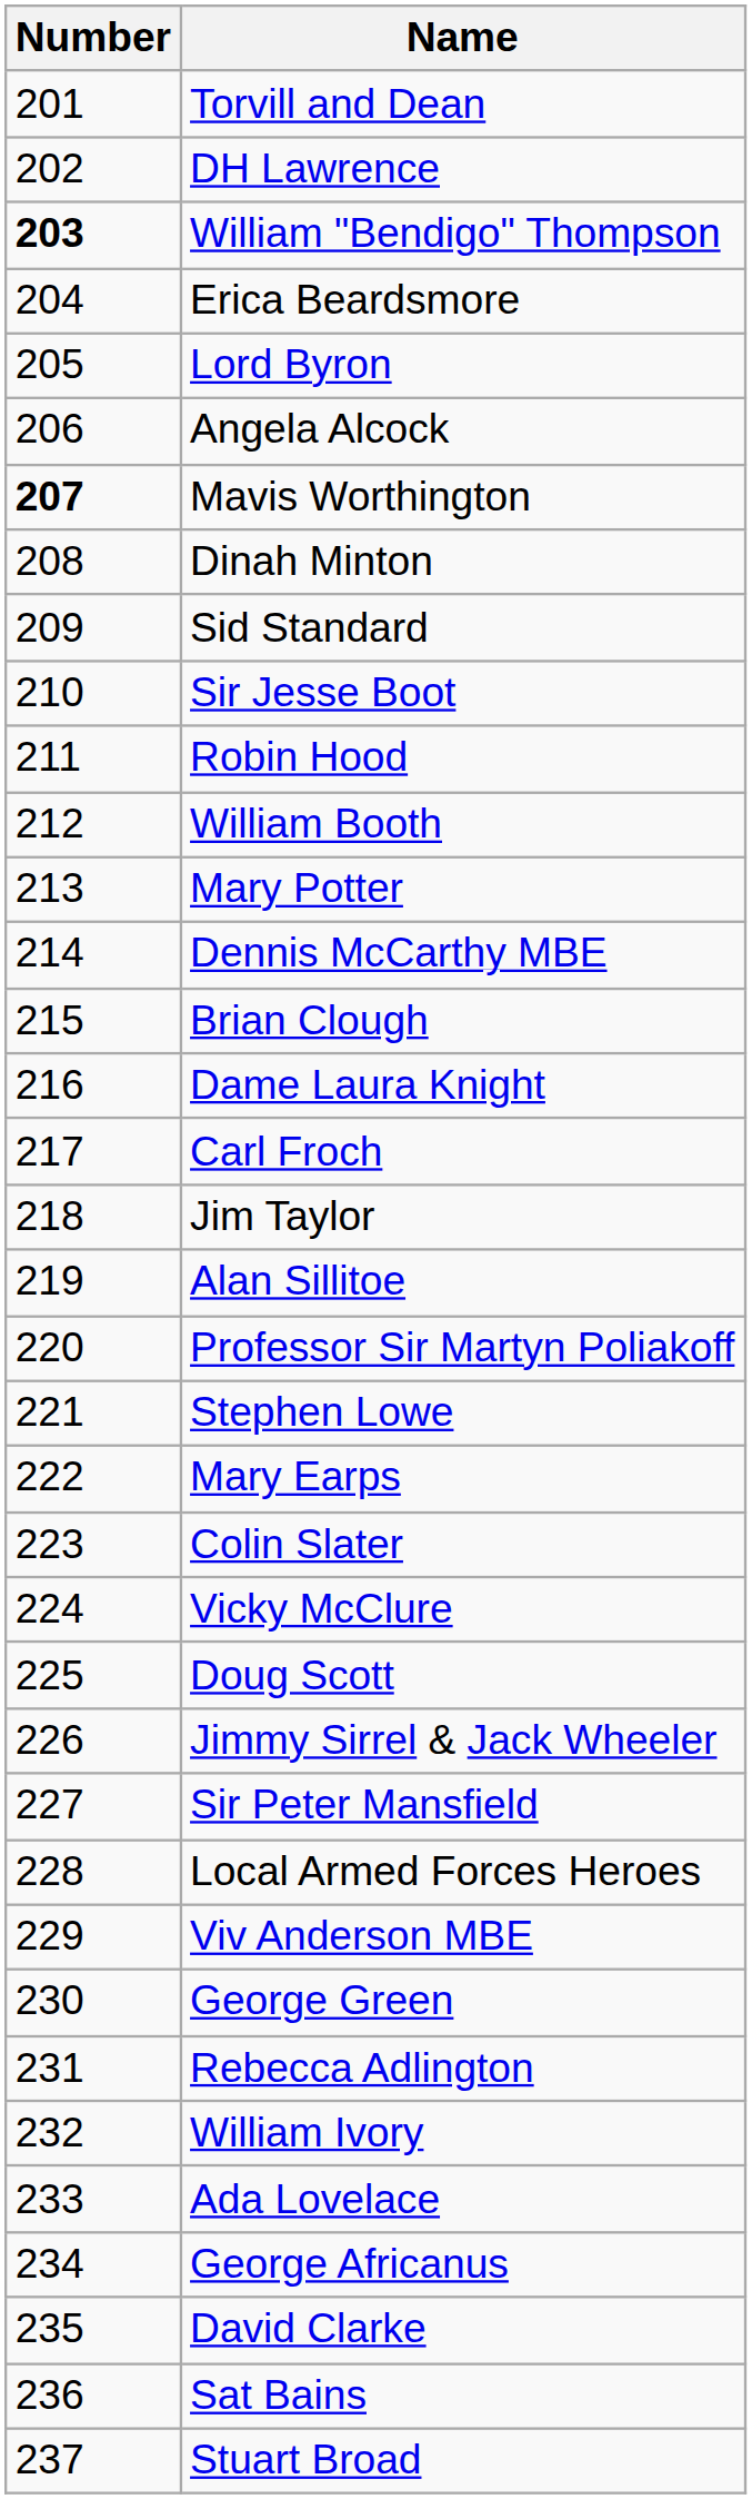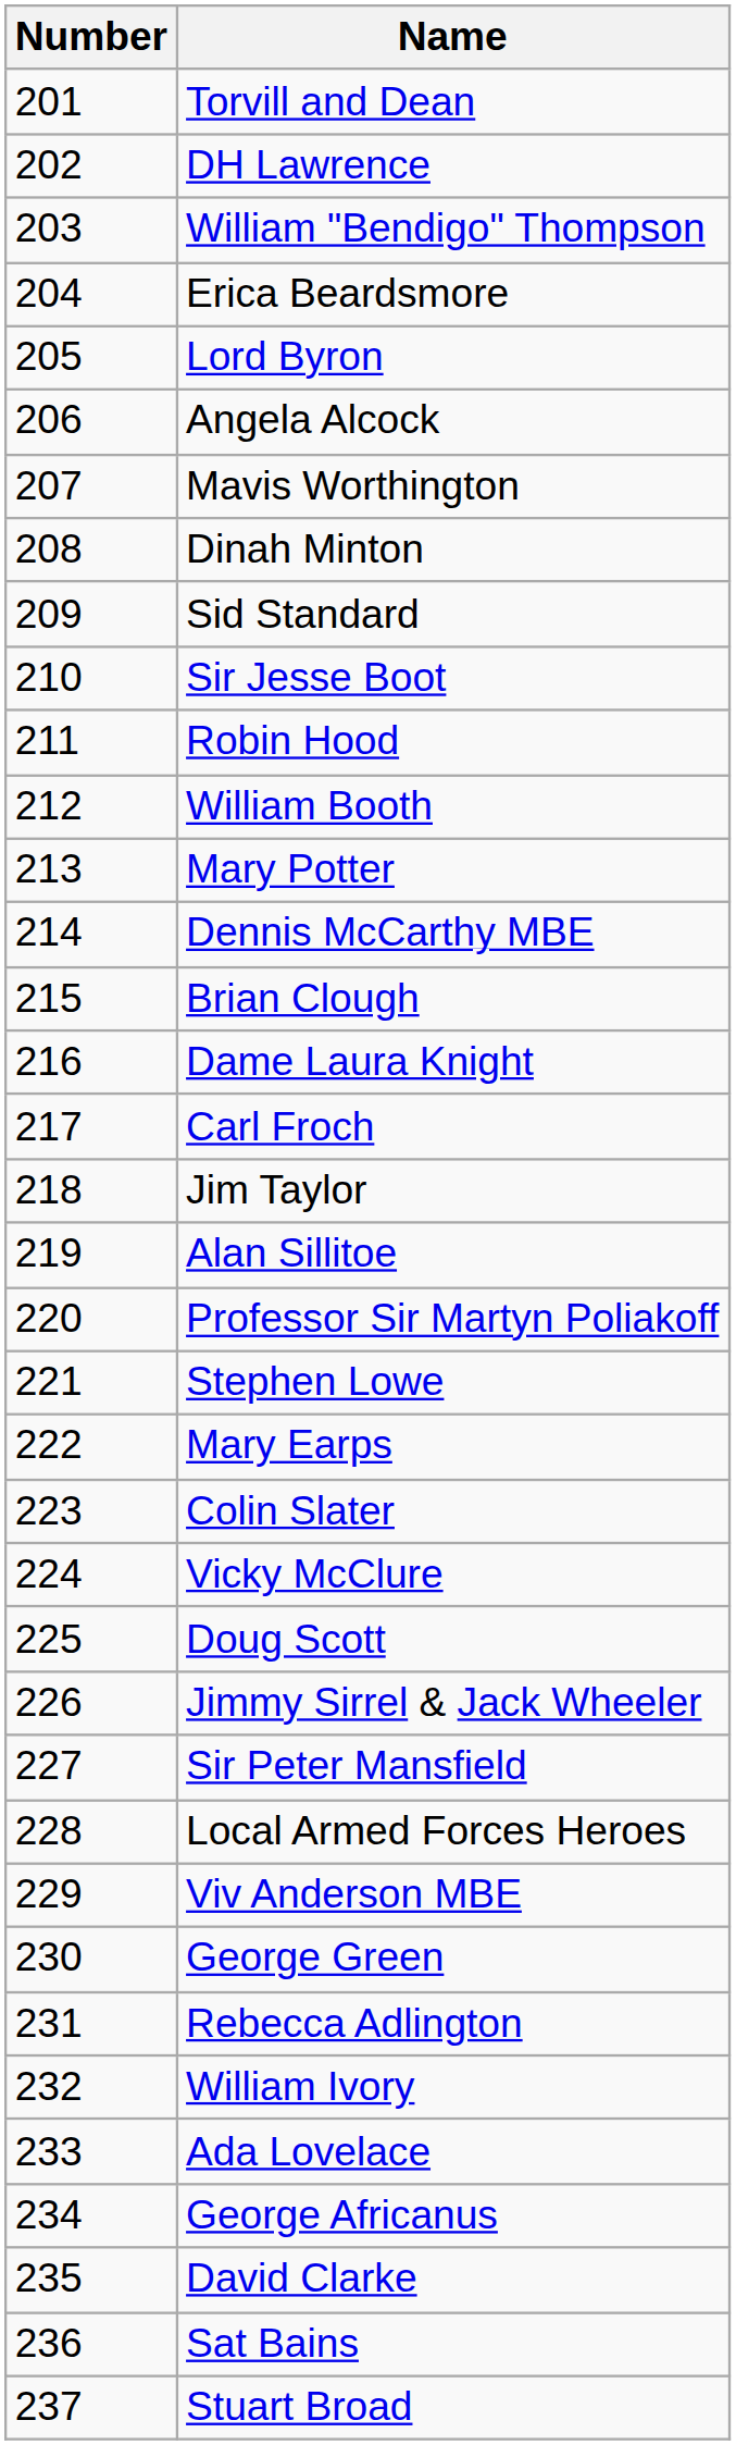 <table class="wikitable">
 <tr>
 <th>Number</th>
 <th>Name</th>
 </tr>
 <tr>
 <td>201</td>
 <td><a href='#'>Torvill and Dean</a></td>
 </tr>
 <tr>
 <td>202</td>
 <td><a href='#'>DH Lawrence</a></td>
 </tr>
 <tr>
-<td><strong>203</strong></td>
+<td>203</td>
 <td><a href='#'>William "Bendigo" Thompson</a></td>
 </tr>
 <tr>
 <td>204</td>
 <td>Erica Beardsmore</td>
 </tr>
 <tr>
 <td>205</td>
 <td><a href='#'>Lord Byron</a></td>
 </tr>
 <tr>
 <td>206</td>
 <td>Angela Alcock</td>
 </tr>
 <tr>
-<td><strong>207</strong></td>
+<td>207</td>
 <td>Mavis Worthington</td>
 </tr>
 <tr>
 <td>208</td>
 <td>Dinah Minton</td>
 </tr>
 <tr>
 <td>209</td>
 <td>Sid Standard</td>
 </tr>
 <tr>
 <td>210</td>
 <td><a href='#'>Sir Jesse Boot</a></td>
 </tr>
 <tr>
 <td>211</td>
 <td><a href='#'>Robin Hood</a></td>
 </tr>
 <tr>
 <td>212</td>
 <td><a href='#'>William Booth</a></td>
 </tr>
 <tr>
 <td>213</td>
 <td><a href='#'>Mary Potter</a></td>
 </tr>
 <tr>
 <td>214</td>
 <td><a href='#'>Dennis McCarthy MBE</a></td>
 </tr>
 <tr>
 <td>215</td>
 <td><a href='#'>Brian Clough</a></td>
 </tr>
 <tr>
 <td>216</td>
 <td><a href='#'>Dame Laura Knight</a></td>
 </tr>
 <tr>
 <td>217</td>
 <td><a href='#'>Carl Froch</a></td>
 </tr>
 <tr>
 <td>218</td>
 <td>Jim Taylor</td>
 </tr>
 <tr>
 <td>219</td>
 <td><a href='#'>Alan Sillitoe</a></td>
 </tr>
 <tr>
 <td>220</td>
 <td><a href='#'>Professor Sir Martyn Poliakoff</a></td>
 </tr>
 <tr>
 <td>221</td>
 <td><a href='#'>Stephen Lowe</a></td>
 </tr>
 <tr>
 <td>222</td>
 <td><a href='#'>Mary Earps</a></td>
 </tr>
 <tr>
 <td>223</td>
 <td><a href='#'>Colin Slater</a></td>
 </tr>
 <tr>
 <td>224</td>
 <td><a href='#'>Vicky McClure</a></td>
 </tr>
 <tr>
 <td>225</td>
 <td><a href='#'>Doug Scott</a></td>
 </tr>
 <tr>
 <td>226</td>
 <td><a href='#'>Jimmy Sirrel</a> & <a href='#'>Jack Wheeler</a></td>
 </tr>
 <tr>
 <td>227</td>
 <td><a href='#'>Sir Peter Mansfield</a></td>
 </tr>
 <tr>
 <td>228</td>
 <td>Local Armed Forces Heroes</td>
 </tr>
 <tr>
 <td>229</td>
 <td><a href='#'>Viv Anderson MBE</a></td>
 </tr>
 <tr>
 <td>230</td>
 <td><a href='#'>George Green</a></td>
 </tr>
 <tr>
 <td>231</td>
 <td><a href='#'>Rebecca Adlington</a></td>
 </tr>
 <tr>
 <td>232</td>
 <td><a href='#'>William Ivory</a></td>
 </tr>
 <tr>
 <td>233</td>
 <td><a href='#'>Ada Lovelace</a></td>
 </tr>
 <tr>
 <td>234</td>
 <td><a href='#'>George Africanus</a></td>
 </tr>
 <tr>
 <td>235</td>
 <td><a href='#'>David Clarke</a></td>
 </tr>
 <tr>
 <td>236</td>
 <td><a href='#'>Sat Bains</a></td>
 </tr>
 <tr>
 <td>237</td>
 <td><a href='#'>Stuart Broad</a></td>
 </tr>
 </table>
